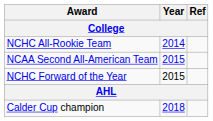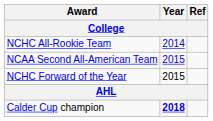 <table class="wikitable">
 <tr>
 <th>Award</th>
 <th>Year</th>
 <th>Ref</th>
 </tr>
 <tr>
 <th colspan="3"><a href='#'>College</a></th>
 </tr>
 <tr>
 <td><a href='#'>NCHC All-Rookie Team</a></td>
 <td><a href='#'>2014</a></td>
 <td></td>
 </tr>
 <tr>
 <td><a href='#'>NCAA Second All-American Team</a></td>
 <td><a href='#'>2015</a></td>
 <td></td>
 </tr>
 <tr>
 <td><a href='#'>NCHC Forward of the Year</a></td>
 <td>2015</td>
 <td></td>
 </tr>
 <tr>
 <th colspan="3"><a href='#'>AHL</a></th>
 </tr>
 <tr>
 <td><a href='#'>Calder Cup</a> champion</td>
-<td><a href='#'>2018</a></td>
+<td><strong><a href='#'>2018</a></strong></td>
 <td></td>
 </tr>
 </table>
